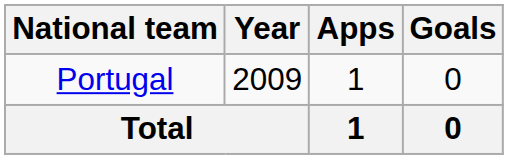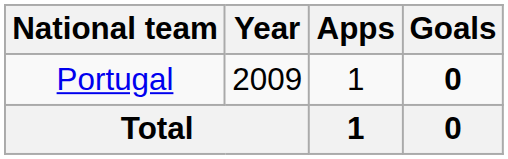 <table class="wikitable" style="text-align:center">
 <tr>
 <th>National team</th>
 <th>Year</th>
 <th>Apps</th>
 <th>Goals</th>
 </tr>
 <tr>
 <td><a href='#'>Portugal</a></td>
 <td>2009</td>
 <td>1</td>
-<td>0</td>
+<td><strong>0</strong></td>
 </tr>
 <tr>
 <th colspan="2">Total</th>
 <th>1</th>
 <th>0</th>
 </tr>
 </table>
